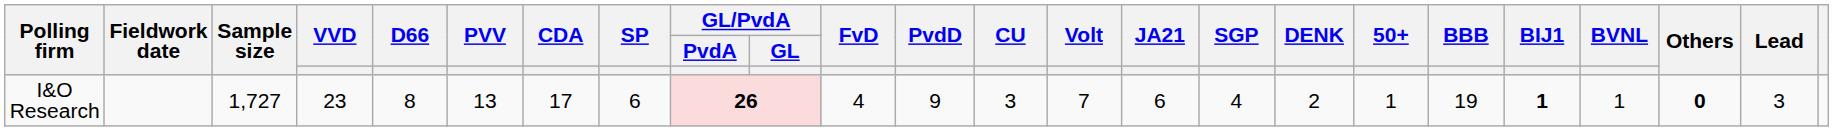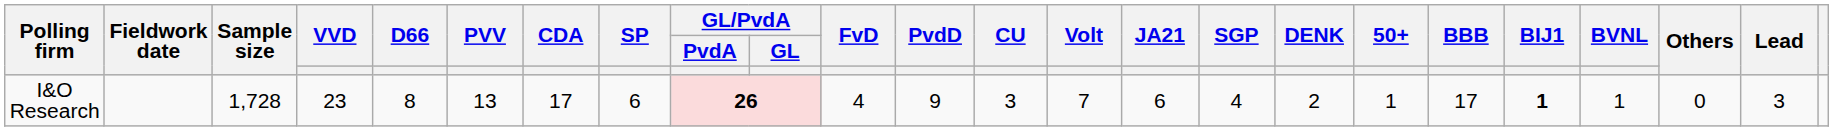 <table class="wikitable sortable mw-datatable" style="text-align:center;font-size:90%;line-height:14px;">
 <tr>
 <th rowspan="3">Polling firm</th>
 <th class="unsortable" rowspan="3">Fieldwork date</th>
 <th class="unsortable" rowspan="3">Sample<br>size</th>
 <th class="unsortable" style="width:50px;" rowspan="2"><a href='#'>VVD</a></th>
 <th class="unsortable" style="width:50px;" rowspan="2"><a href='#'>D66</a></th>
 <th class="unsortable" style="width:50px;" rowspan="2"><a href='#'>PVV</a></th>
 <th class="unsortable" style="width:50px;" rowspan="2"><a href='#'>CDA</a></th>
 <th class="unsortable" style="width:50px;" rowspan="2"><a href='#'>SP</a></th>
 <th class="unsortable" style="width:50px;" colspan="2"><a href='#'>GL/PvdA</a></th>
 <th class="unsortable" style="width:50px;" rowspan="2"><a href='#'>FvD</a></th>
 <th class="unsortable" style="width:50px;" rowspan="2"><a href='#'>PvdD</a></th>
 <th class="unsortable" style="width:50px;" rowspan="2"><a href='#'>CU</a></th>
 <th class="unsortable" style="width:50px;" rowspan="2"><a href='#'>Volt</a></th>
 <th class="unsortable" style="width:50px;" rowspan="2"><a href='#'>JA21</a></th>
 <th class="unsortable" style="width:50px;" rowspan="2"><a href='#'>SGP</a></th>
 <th class="unsortable" style="width:50px;" rowspan="2"><a href='#'>DENK</a></th>
 <th class="unsortable" style="width:50px;" rowspan="2"><a href='#'>50+</a></th>
 <th class="unsortable" style="width:50px;" rowspan="2"><a href='#'>BBB</a></th>
 <th class="unsortable" style="width:50px;" rowspan="2"><a href='#'>BIJ1</a></th>
 <th class="unsortable" style="width:50px;" rowspan="2"><a href='#'>BVNL</a></th>
 <th class="unsortable" style="width:50px;" rowspan="3">Others</th>
 <th class="unsortable" style="width:50px;" rowspan="3">Lead</th>
 <th class="unsortable" rowspan="3"></th>
 </tr>
 <tr>
 <th class="unsortable" style="width:50px;"><a href='#'>PvdA</a></th>
 <th class="unsortable" style="width:50px;"><a href='#'>GL</a></th>
 </tr>
 <tr>
 <th data-sort-type="number" style="background:"></th>
 <th data-sort-type="number" style="background:"></th>
 <th data-sort-type="number" style="background:"></th>
 <th data-sort-type="number" style="background:"></th>
 <th data-sort-type="number" style="background:"></th>
 <th data-sort-type="number" style="background:"></th>
 <th data-sort-type="number" style="background:"></th>
 <th data-sort-type="number" style="background:"></th>
 <th data-sort-type="number" style="background:"></th>
 <th data-sort-type="number" style="background:"></th>
 <th data-sort-type="number" style="background:"></th>
 <th data-sort-type="number" style="background:"></th>
 <th data-sort-type="number" style="background:"></th>
 <th data-sort-type="number" style="background:"></th>
 <th data-sort-type="number" style="background:"></th>
 <th data-sort-type="number" style="background:"></th>
 <th data-sort-type="number" style="background:"></th>
 <th data-sort-type="number" style="background:"></th>
 </tr>
 <tr>
 <td>I&O Research</td>
 <td></td>
-<td>1,727</td>
+<td>1,728</td>
 <td>23</td>
 <td>8</td>
 <td>13</td>
 <td>17</td>
 <td>6</td>
 <td colspan="2" style="background:#fbdbdc;"><strong>26</strong></td>
 <td>4</td>
 <td>9</td>
 <td>3</td>
 <td>7</td>
 <td>6</td>
 <td>4</td>
 <td>2</td>
 <td>1</td>
-<td>19</td>
+<td>17</td>
 <td><strong>1</strong></td>
 <td>1</td>
-<td><strong>0</strong></td>
+<td>0</td>
 <td style="background:">3</td>
 <td></td>
 </tr>
 </table>
